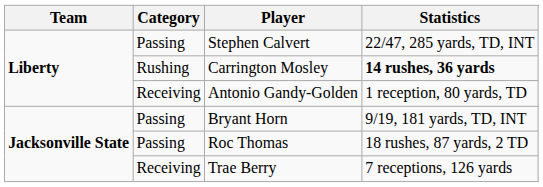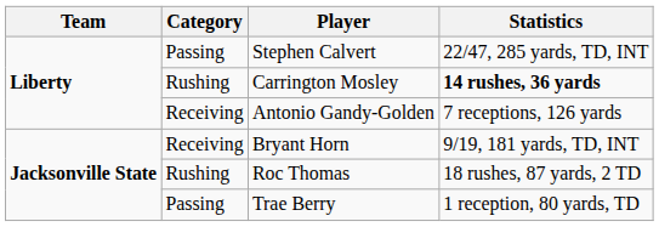 <table class="wikitable" style="float: left;">
 <tr>
 <th>Team</th>
 <th>Category</th>
 <th>Player</th>
 <th>Statistics</th>
 </tr>
 <tr>
 <td rowspan=3><strong>Liberty</strong></td>
 <td>Passing</td>
 <td>Stephen Calvert</td>
 <td>22/47, 285 yards, TD, INT</td>
 </tr>
 <tr>
 <td>Rushing</td>
 <td>Carrington Mosley</td>
 <td><strong>14 rushes, 36 yards</strong></td>
 </tr>
 <tr>
 <td>Receiving</td>
 <td>Antonio Gandy-Golden</td>
-<td>1 reception, 80 yards, TD</td>
+<td>7 receptions, 126 yards</td>
 </tr>
 <tr>
 <td rowspan=3><strong>Jacksonville State</strong></td>
-<td>Passing</td>
+<td>Receiving</td>
 <td>Bryant Horn</td>
 <td>9/19, 181 yards, TD, INT</td>
 </tr>
 <tr>
-<td>Passing</td>
+<td>Rushing</td>
 <td>Roc Thomas</td>
 <td>18 rushes, 87 yards, 2 TD</td>
 </tr>
 <tr>
-<td>Receiving</td>
+<td>Passing</td>
 <td>Trae Berry</td>
-<td>7 receptions, 126 yards</td>
+<td>1 reception, 80 yards, TD</td>
 </tr>
 </table>
